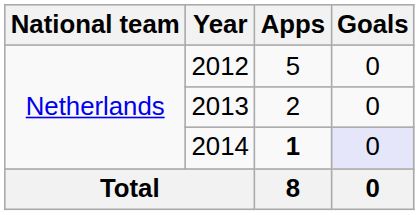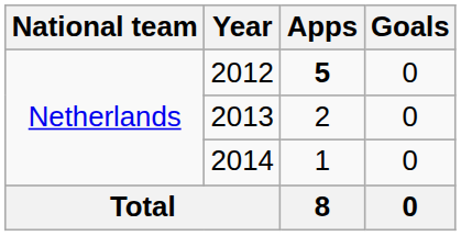 <table class="wikitable" style="text-align:center">
 <tr>
 <th>National team</th>
 <th>Year</th>
 <th>Apps</th>
 <th>Goals</th>
 </tr>
 <tr>
 <td rowspan="3"><a href='#'>Netherlands</a></td>
 <td>2012</td>
-<td>5</td>
+<td><strong>5</strong></td>
 <td>0</td>
 </tr>
 <tr>
 <td>2013</td>
 <td>2</td>
 <td>0</td>
 </tr>
 <tr>
 <td>2014</td>
-<td><strong>1</strong></td>
-<td style="background: lavender;">0</td>
+<td>1</td>
+<td>0</td>
 </tr>
 <tr>
 <th colspan="2">Total</th>
 <th>8</th>
 <th>0</th>
 </tr>
 </table>
